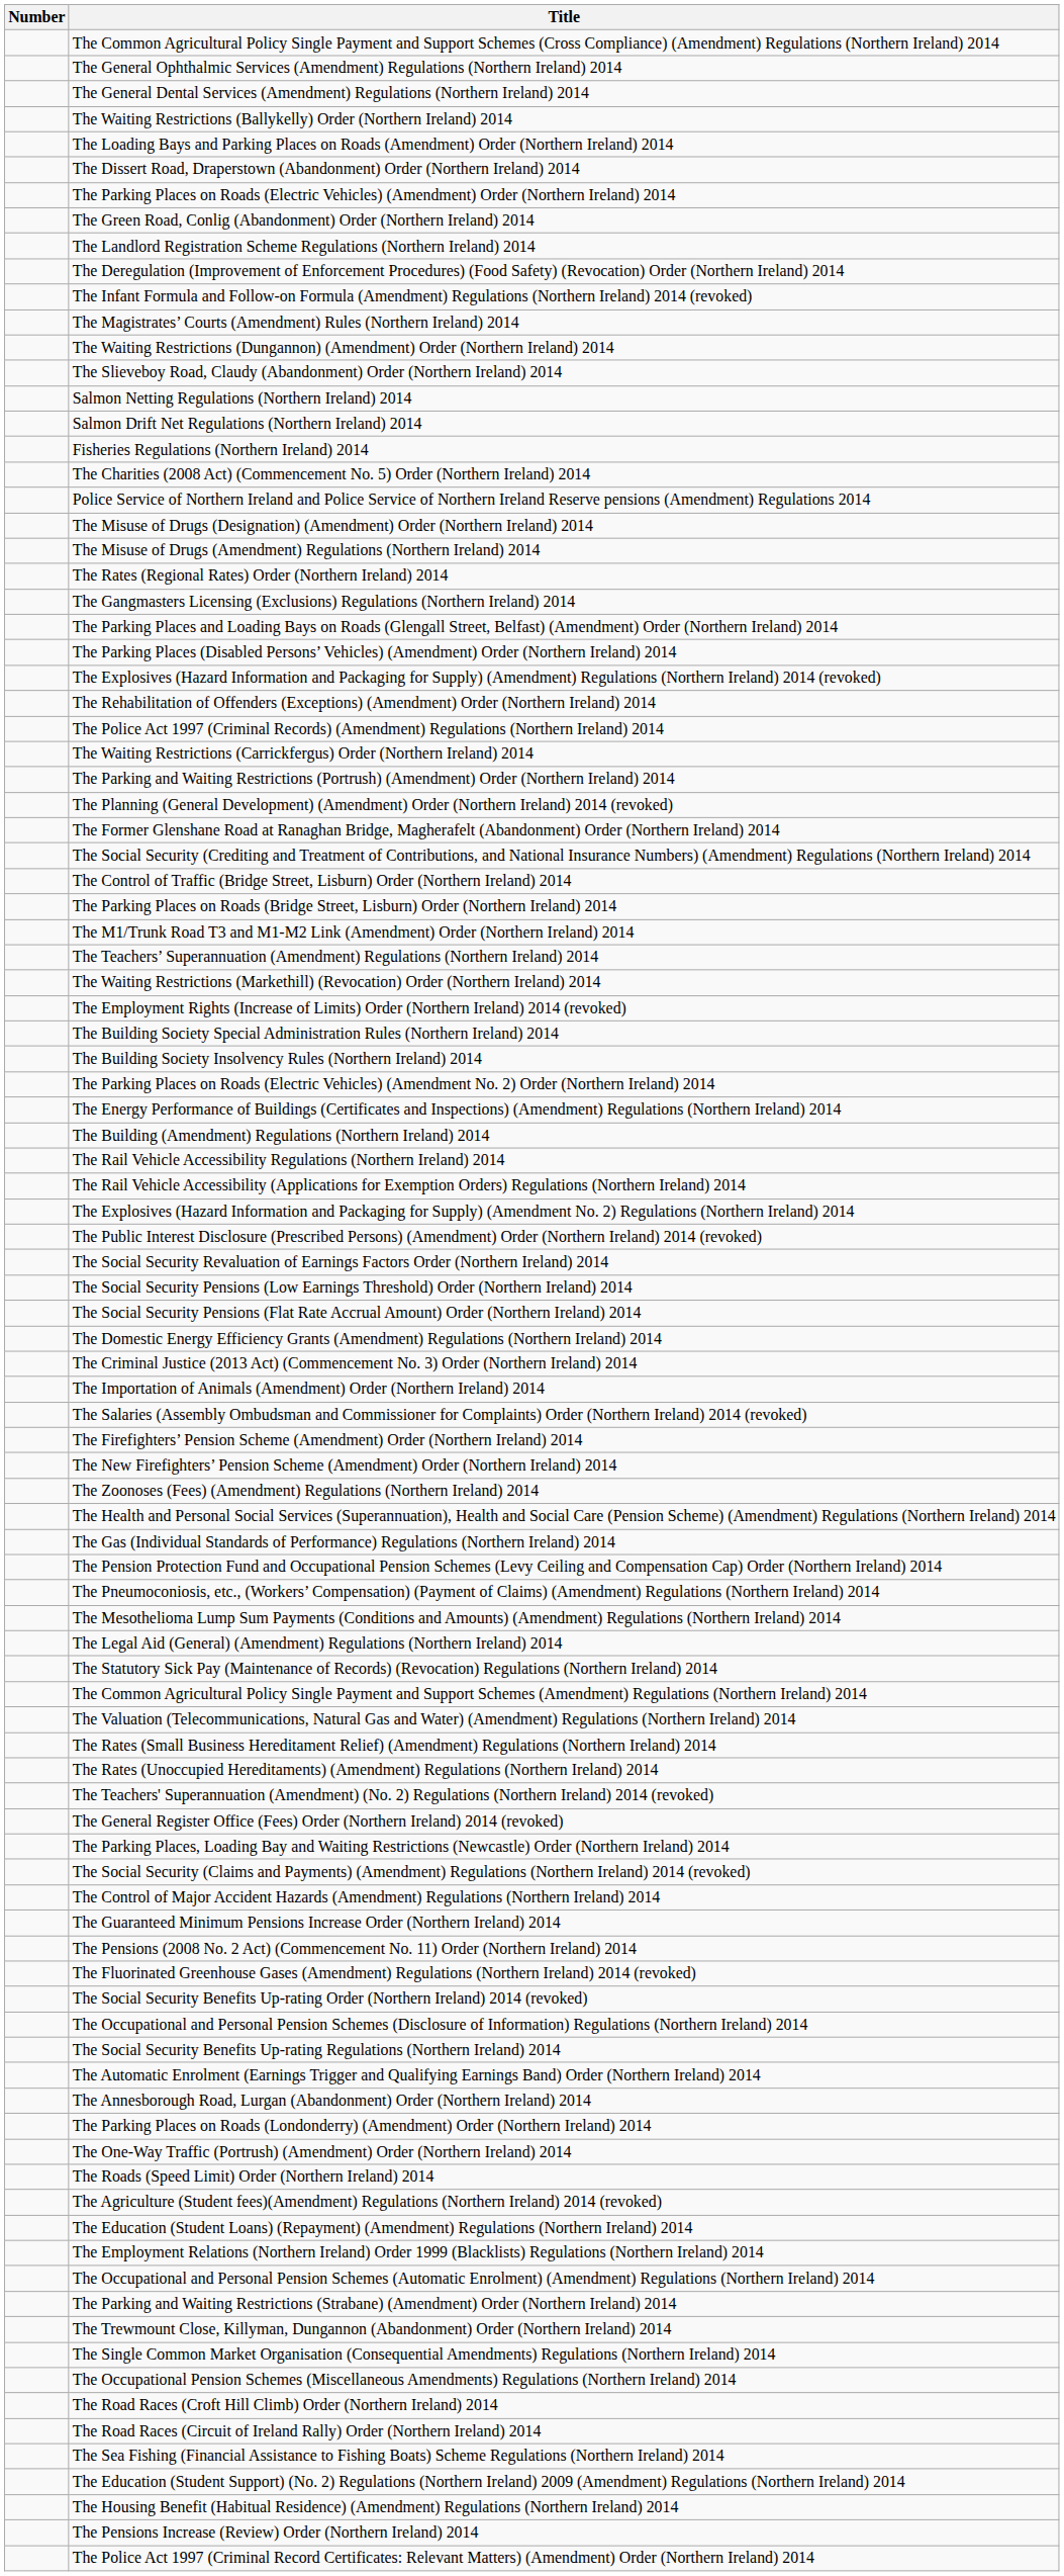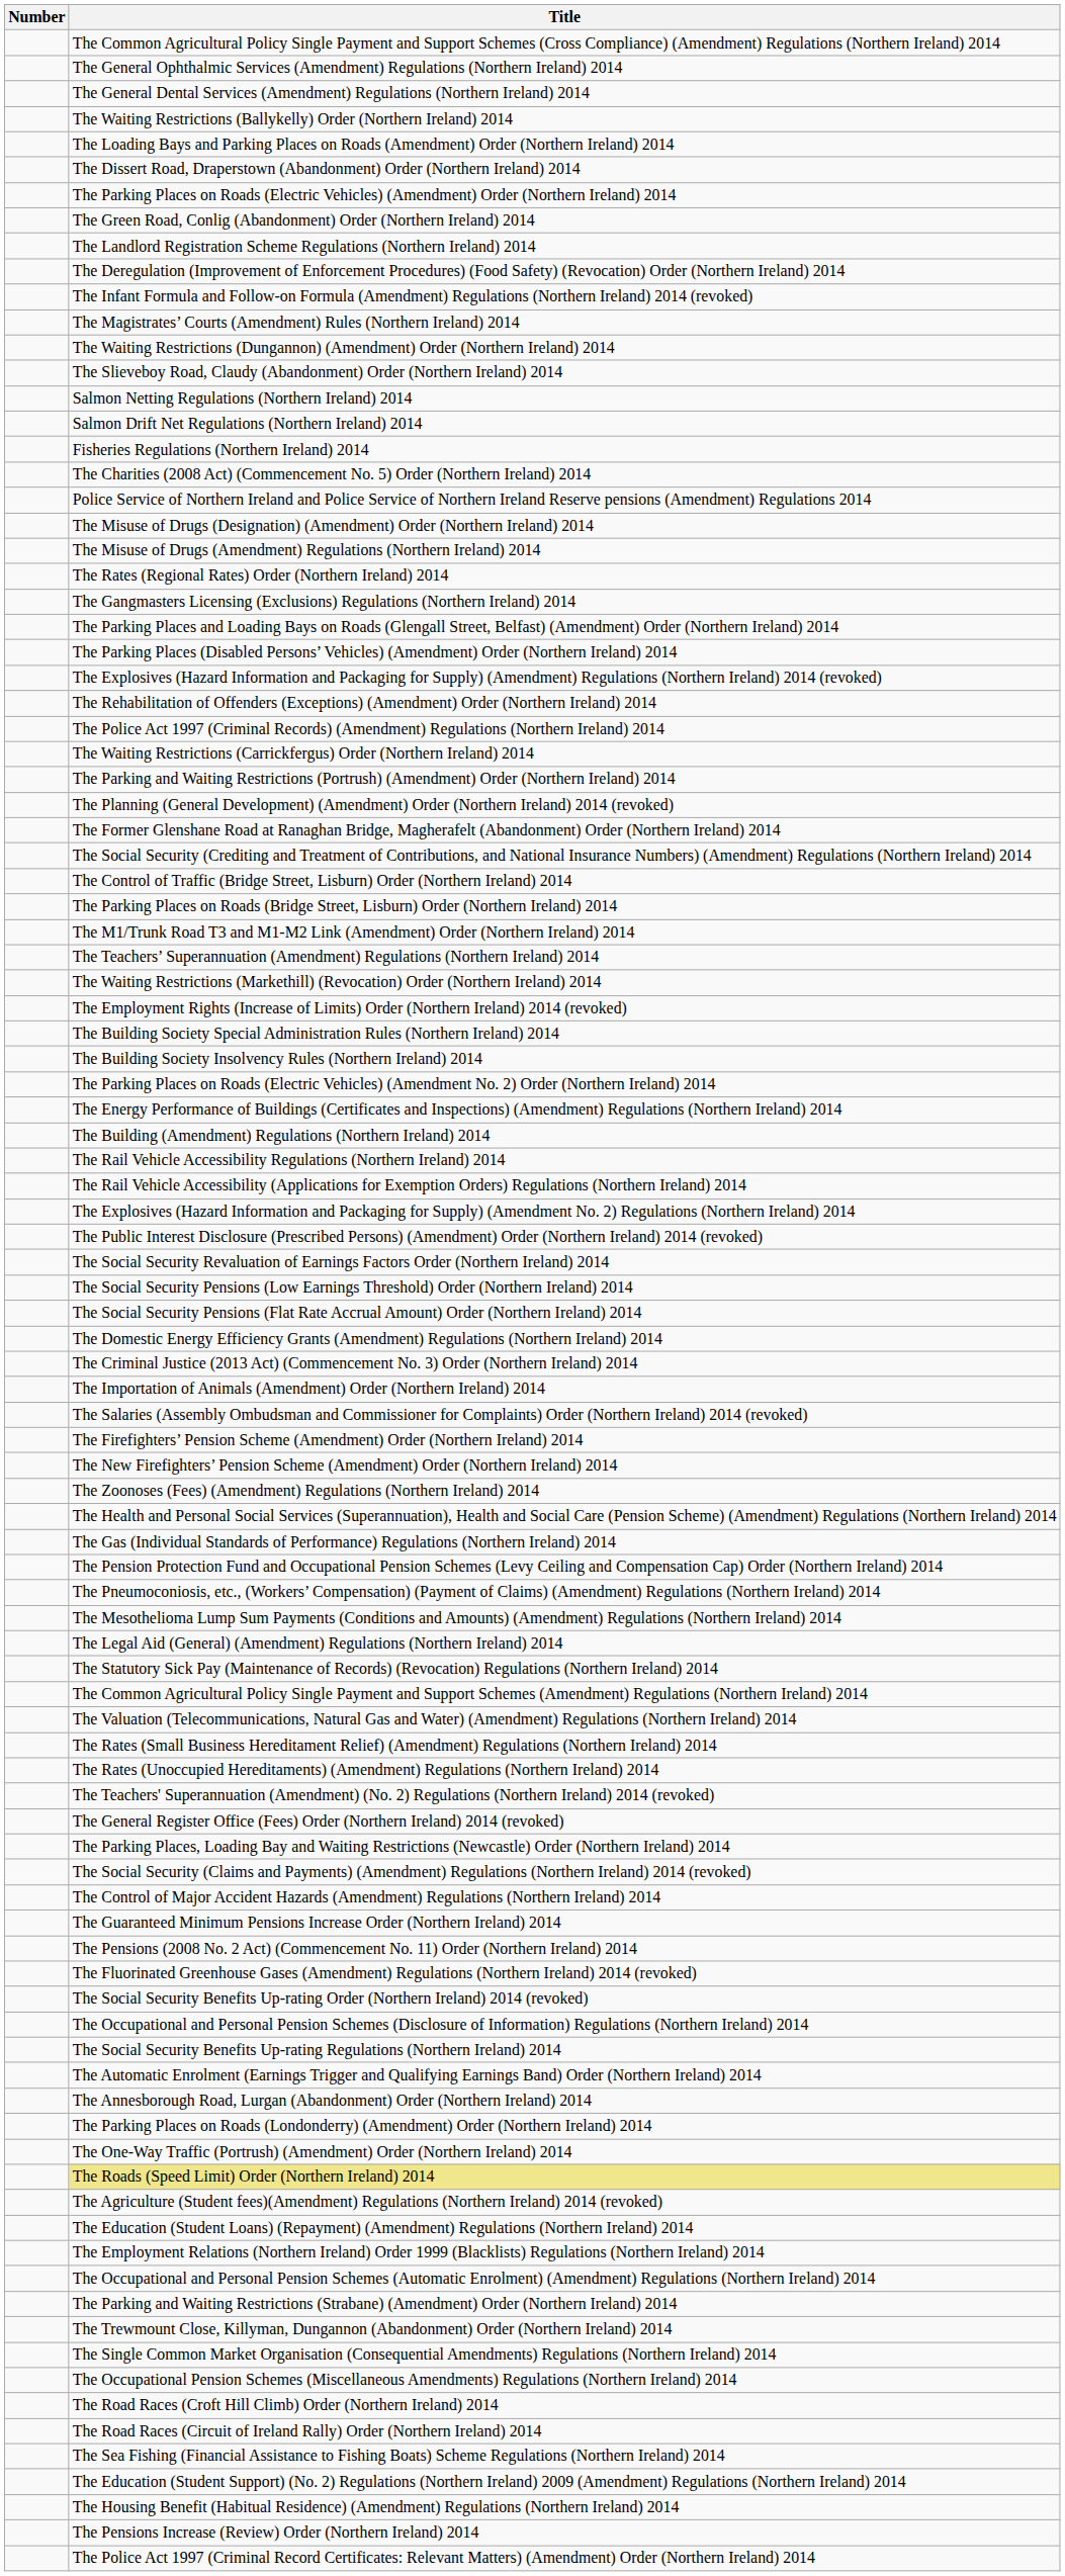 <table class="wikitable collapsible">
 <tr>
 <th>Number</th>
 <th>Title</th>
 </tr>
 <tr>
 <td></td>
 <td>The Common Agricultural Policy Single Payment and Support Schemes (Cross Compliance) (Amendment) Regulations (Northern Ireland) 2014</td>
 </tr>
 <tr>
 <td></td>
 <td>The General Ophthalmic Services (Amendment) Regulations (Northern Ireland) 2014</td>
 </tr>
 <tr>
 <td></td>
 <td>The General Dental Services (Amendment) Regulations (Northern Ireland) 2014</td>
 </tr>
 <tr>
 <td></td>
 <td>The Waiting Restrictions (Ballykelly) Order (Northern Ireland) 2014</td>
 </tr>
 <tr>
 <td></td>
 <td>The Loading Bays and Parking Places on Roads (Amendment) Order (Northern Ireland) 2014</td>
 </tr>
 <tr>
 <td></td>
 <td>The Dissert Road, Draperstown (Abandonment) Order (Northern Ireland) 2014</td>
 </tr>
 <tr>
 <td></td>
 <td>The Parking Places on Roads (Electric Vehicles) (Amendment) Order (Northern Ireland) 2014</td>
 </tr>
 <tr>
 <td></td>
 <td>The Green Road, Conlig (Abandonment) Order (Northern Ireland) 2014</td>
 </tr>
 <tr>
 <td></td>
 <td>The Landlord Registration Scheme Regulations (Northern Ireland) 2014</td>
 </tr>
 <tr>
 <td></td>
 <td>The Deregulation (Improvement of Enforcement Procedures) (Food Safety) (Revocation) Order (Northern Ireland) 2014</td>
 </tr>
 <tr>
 <td></td>
 <td>The Infant Formula and Follow-on Formula (Amendment) Regulations (Northern Ireland) 2014 (revoked)</td>
 </tr>
 <tr>
 <td></td>
 <td>The Magistrates’ Courts (Amendment) Rules (Northern Ireland) 2014</td>
 </tr>
 <tr>
 <td></td>
 <td>The Waiting Restrictions (Dungannon) (Amendment) Order (Northern Ireland) 2014</td>
 </tr>
 <tr>
 <td></td>
 <td>The Slieveboy Road, Claudy (Abandonment) Order (Northern Ireland) 2014</td>
 </tr>
 <tr>
 <td></td>
 <td>Salmon Netting Regulations (Northern Ireland) 2014</td>
 </tr>
 <tr>
 <td></td>
 <td>Salmon Drift Net Regulations (Northern Ireland) 2014</td>
 </tr>
 <tr>
 <td></td>
 <td>Fisheries Regulations (Northern Ireland) 2014</td>
 </tr>
 <tr>
 <td></td>
 <td>The Charities (2008 Act) (Commencement No. 5) Order (Northern Ireland) 2014</td>
 </tr>
 <tr>
 <td></td>
 <td>Police Service of Northern Ireland and Police Service of Northern Ireland Reserve pensions (Amendment) Regulations 2014</td>
 </tr>
 <tr>
 <td></td>
 <td>The Misuse of Drugs (Designation) (Amendment) Order (Northern Ireland) 2014</td>
 </tr>
 <tr>
 <td></td>
 <td>The Misuse of Drugs (Amendment) Regulations (Northern Ireland) 2014</td>
 </tr>
 <tr>
 <td></td>
 <td>The Rates (Regional Rates) Order (Northern Ireland) 2014</td>
 </tr>
 <tr>
 <td></td>
 <td>The Gangmasters Licensing (Exclusions) Regulations (Northern Ireland) 2014</td>
 </tr>
 <tr>
 <td></td>
 <td>The Parking Places and Loading Bays on Roads (Glengall Street, Belfast) (Amendment) Order (Northern Ireland) 2014</td>
 </tr>
 <tr>
 <td></td>
 <td>The Parking Places (Disabled Persons’ Vehicles) (Amendment) Order (Northern Ireland) 2014</td>
 </tr>
 <tr>
 <td></td>
 <td>The Explosives (Hazard Information and Packaging for Supply) (Amendment) Regulations (Northern Ireland) 2014 (revoked)</td>
 </tr>
 <tr>
 <td></td>
 <td>The Rehabilitation of Offenders (Exceptions) (Amendment) Order (Northern Ireland) 2014</td>
 </tr>
 <tr>
 <td></td>
 <td>The Police Act 1997 (Criminal Records) (Amendment) Regulations (Northern Ireland) 2014</td>
 </tr>
 <tr>
 <td></td>
 <td>The Waiting Restrictions (Carrickfergus) Order (Northern Ireland) 2014</td>
 </tr>
 <tr>
 <td></td>
 <td>The Parking and Waiting Restrictions (Portrush) (Amendment) Order (Northern Ireland) 2014</td>
 </tr>
 <tr>
 <td></td>
 <td>The Planning (General Development) (Amendment) Order (Northern Ireland) 2014 (revoked)</td>
 </tr>
 <tr>
 <td></td>
 <td>The Former Glenshane Road at Ranaghan Bridge, Magherafelt (Abandonment) Order (Northern Ireland) 2014</td>
 </tr>
 <tr>
 <td></td>
 <td>The Social Security (Crediting and Treatment of Contributions, and National Insurance Numbers) (Amendment) Regulations (Northern Ireland) 2014</td>
 </tr>
 <tr>
 <td></td>
 <td>The Control of Traffic (Bridge Street, Lisburn) Order (Northern Ireland) 2014</td>
 </tr>
 <tr>
 <td></td>
 <td>The Parking Places on Roads (Bridge Street, Lisburn) Order (Northern Ireland) 2014</td>
 </tr>
 <tr>
 <td></td>
 <td>The M1/Trunk Road T3 and M1-M2 Link (Amendment) Order (Northern Ireland) 2014</td>
 </tr>
 <tr>
 <td></td>
 <td>The Teachers’ Superannuation (Amendment) Regulations (Northern Ireland) 2014</td>
 </tr>
 <tr>
 <td></td>
 <td>The Waiting Restrictions (Markethill) (Revocation) Order (Northern Ireland) 2014</td>
 </tr>
 <tr>
 <td></td>
 <td>The Employment Rights (Increase of Limits) Order (Northern Ireland) 2014 (revoked)</td>
 </tr>
 <tr>
 <td></td>
 <td>The Building Society Special Administration Rules (Northern Ireland) 2014</td>
 </tr>
 <tr>
 <td></td>
 <td>The Building Society Insolvency Rules (Northern Ireland) 2014</td>
 </tr>
 <tr>
 <td></td>
 <td>The Parking Places on Roads (Electric Vehicles) (Amendment No. 2) Order (Northern Ireland) 2014</td>
 </tr>
 <tr>
 <td></td>
 <td>The Energy Performance of Buildings (Certificates and Inspections) (Amendment) Regulations (Northern Ireland) 2014</td>
 </tr>
 <tr>
 <td></td>
 <td>The Building (Amendment) Regulations (Northern Ireland) 2014</td>
 </tr>
 <tr>
 <td></td>
 <td>The Rail Vehicle Accessibility Regulations (Northern Ireland) 2014</td>
 </tr>
 <tr>
 <td></td>
 <td>The Rail Vehicle Accessibility (Applications for Exemption Orders) Regulations (Northern Ireland) 2014</td>
 </tr>
 <tr>
 <td></td>
 <td>The Explosives (Hazard Information and Packaging for Supply) (Amendment No. 2) Regulations (Northern Ireland) 2014</td>
 </tr>
 <tr>
 <td></td>
 <td>The Public Interest Disclosure (Prescribed Persons) (Amendment) Order (Northern Ireland) 2014 (revoked)</td>
 </tr>
 <tr>
 <td></td>
 <td>The Social Security Revaluation of Earnings Factors Order (Northern Ireland) 2014</td>
 </tr>
 <tr>
 <td></td>
 <td>The Social Security Pensions (Low Earnings Threshold) Order (Northern Ireland) 2014</td>
 </tr>
 <tr>
 <td></td>
 <td>The Social Security Pensions (Flat Rate Accrual Amount) Order (Northern Ireland) 2014</td>
 </tr>
 <tr>
 <td></td>
 <td>The Domestic Energy Efficiency Grants (Amendment) Regulations (Northern Ireland) 2014</td>
 </tr>
 <tr>
 <td></td>
 <td>The Criminal Justice (2013 Act) (Commencement No. 3) Order (Northern Ireland) 2014</td>
 </tr>
 <tr>
 <td></td>
 <td>The Importation of Animals (Amendment) Order (Northern Ireland) 2014</td>
 </tr>
 <tr>
 <td></td>
 <td>The Salaries (Assembly Ombudsman and Commissioner for Complaints) Order (Northern Ireland) 2014 (revoked)</td>
 </tr>
 <tr>
 <td></td>
 <td>The Firefighters’ Pension Scheme (Amendment) Order (Northern Ireland) 2014</td>
 </tr>
 <tr>
 <td></td>
 <td>The New Firefighters’ Pension Scheme (Amendment) Order (Northern Ireland) 2014</td>
 </tr>
 <tr>
 <td></td>
 <td>The Zoonoses (Fees) (Amendment) Regulations (Northern Ireland) 2014</td>
 </tr>
 <tr>
 <td></td>
 <td>The Health and Personal Social Services (Superannuation), Health and Social Care (Pension Scheme) (Amendment) Regulations (Northern Ireland) 2014</td>
 </tr>
 <tr>
 <td></td>
 <td>The Gas (Individual Standards of Performance) Regulations (Northern Ireland) 2014</td>
 </tr>
 <tr>
 <td></td>
 <td>The Pension Protection Fund and Occupational Pension Schemes (Levy Ceiling and Compensation Cap) Order (Northern Ireland) 2014</td>
 </tr>
 <tr>
 <td></td>
 <td>The Pneumoconiosis, etc., (Workers’ Compensation) (Payment of Claims) (Amendment) Regulations (Northern Ireland) 2014</td>
 </tr>
 <tr>
 <td></td>
 <td>The Mesothelioma Lump Sum Payments (Conditions and Amounts) (Amendment) Regulations (Northern Ireland) 2014</td>
 </tr>
 <tr>
 <td></td>
 <td>The Legal Aid (General) (Amendment) Regulations (Northern Ireland) 2014</td>
 </tr>
 <tr>
 <td></td>
 <td>The Statutory Sick Pay (Maintenance of Records) (Revocation) Regulations (Northern Ireland) 2014</td>
 </tr>
 <tr>
 <td></td>
 <td>The Common Agricultural Policy Single Payment and Support Schemes (Amendment) Regulations (Northern Ireland) 2014</td>
 </tr>
 <tr>
 <td></td>
 <td>The Valuation (Telecommunications, Natural Gas and Water) (Amendment) Regulations (Northern Ireland) 2014</td>
 </tr>
 <tr>
 <td></td>
 <td>The Rates (Small Business Hereditament Relief) (Amendment) Regulations (Northern Ireland) 2014</td>
 </tr>
 <tr>
 <td></td>
 <td>The Rates (Unoccupied Hereditaments) (Amendment) Regulations (Northern Ireland) 2014</td>
 </tr>
 <tr>
 <td></td>
 <td>The Teachers' Superannuation (Amendment) (No. 2) Regulations (Northern Ireland) 2014 (revoked)</td>
 </tr>
 <tr>
 <td></td>
 <td>The General Register Office (Fees) Order (Northern Ireland) 2014 (revoked)</td>
 </tr>
 <tr>
 <td></td>
 <td>The Parking Places, Loading Bay and Waiting Restrictions (Newcastle) Order (Northern Ireland) 2014</td>
 </tr>
 <tr>
 <td></td>
 <td>The Social Security (Claims and Payments) (Amendment) Regulations (Northern Ireland) 2014 (revoked)</td>
 </tr>
 <tr>
 <td></td>
 <td>The Control of Major Accident Hazards (Amendment) Regulations (Northern Ireland) 2014</td>
 </tr>
 <tr>
 <td></td>
 <td>The Guaranteed Minimum Pensions Increase Order (Northern Ireland) 2014</td>
 </tr>
 <tr>
 <td></td>
 <td>The Pensions (2008 No. 2 Act) (Commencement No. 11) Order (Northern Ireland) 2014</td>
 </tr>
 <tr>
 <td></td>
 <td>The Fluorinated Greenhouse Gases (Amendment) Regulations (Northern Ireland) 2014 (revoked)</td>
 </tr>
 <tr>
 <td></td>
 <td>The Social Security Benefits Up-rating Order (Northern Ireland) 2014 (revoked)</td>
 </tr>
 <tr>
 <td></td>
 <td>The Occupational and Personal Pension Schemes (Disclosure of Information) Regulations (Northern Ireland) 2014</td>
 </tr>
 <tr>
 <td></td>
 <td>The Social Security Benefits Up-rating Regulations (Northern Ireland) 2014</td>
 </tr>
 <tr>
 <td></td>
 <td>The Automatic Enrolment (Earnings Trigger and Qualifying Earnings Band) Order (Northern Ireland) 2014</td>
 </tr>
 <tr>
 <td></td>
 <td>The Annesborough Road, Lurgan (Abandonment) Order (Northern Ireland) 2014</td>
 </tr>
 <tr>
 <td></td>
 <td>The Parking Places on Roads (Londonderry) (Amendment) Order (Northern Ireland) 2014</td>
 </tr>
 <tr>
 <td></td>
 <td>The One-Way Traffic (Portrush) (Amendment) Order (Northern Ireland) 2014</td>
 </tr>
 <tr>
 <td></td>
-<td>The Roads (Speed Limit) Order (Northern Ireland) 2014</td>
+<td style="background: khaki;">The Roads (Speed Limit) Order (Northern Ireland) 2014</td>
 </tr>
 <tr>
 <td></td>
 <td>The Agriculture (Student fees)(Amendment) Regulations (Northern Ireland) 2014 (revoked)</td>
 </tr>
 <tr>
 <td></td>
 <td>The Education (Student Loans) (Repayment) (Amendment) Regulations (Northern Ireland) 2014</td>
 </tr>
 <tr>
 <td></td>
 <td>The Employment Relations (Northern Ireland) Order 1999 (Blacklists) Regulations (Northern Ireland) 2014</td>
 </tr>
 <tr>
 <td></td>
 <td>The Occupational and Personal Pension Schemes (Automatic Enrolment) (Amendment) Regulations (Northern Ireland) 2014</td>
 </tr>
 <tr>
 <td></td>
 <td>The Parking and Waiting Restrictions (Strabane) (Amendment) Order (Northern Ireland) 2014</td>
 </tr>
 <tr>
 <td></td>
 <td>The Trewmount Close, Killyman, Dungannon (Abandonment) Order (Northern Ireland) 2014</td>
 </tr>
 <tr>
 <td></td>
 <td>The Single Common Market Organisation (Consequential Amendments) Regulations (Northern Ireland) 2014</td>
 </tr>
 <tr>
 <td></td>
 <td>The Occupational Pension Schemes (Miscellaneous Amendments) Regulations (Northern Ireland) 2014</td>
 </tr>
 <tr>
 <td></td>
 <td>The Road Races (Croft Hill Climb) Order (Northern Ireland) 2014</td>
 </tr>
 <tr>
 <td></td>
 <td>The Road Races (Circuit of Ireland Rally) Order (Northern Ireland) 2014</td>
 </tr>
 <tr>
 <td></td>
 <td>The Sea Fishing (Financial Assistance to Fishing Boats) Scheme Regulations (Northern Ireland) 2014</td>
 </tr>
 <tr>
 <td></td>
 <td>The Education (Student Support) (No. 2) Regulations (Northern Ireland) 2009 (Amendment) Regulations (Northern Ireland) 2014</td>
 </tr>
 <tr>
 <td></td>
 <td>The Housing Benefit (Habitual Residence) (Amendment) Regulations (Northern Ireland) 2014</td>
 </tr>
 <tr>
 <td></td>
 <td>The Pensions Increase (Review) Order (Northern Ireland) 2014</td>
 </tr>
 <tr>
 <td></td>
 <td>The Police Act 1997 (Criminal Record Certificates: Relevant Matters) (Amendment) Order (Northern Ireland) 2014</td>
 </tr>
 </table>
